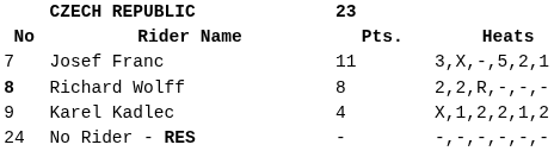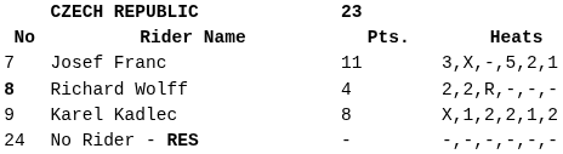 <table class="toccolours">
 <tr>
 <td></td>
 <td><strong>CZECH REPUBLIC</strong></td>
 <td><strong>23</strong></td>
 </tr>
 <tr style="background-color:">
 <th width=30px>No</th>
 <th width=210px>Rider Name</th>
 <th width=70px>Pts.</th>
 <th width=110px>Heats</th>
 </tr>
 <tr style="background-color:">
 <td>7</td>
 <td>Josef Franc</td>
 <td>11</td>
 <td>3,X,-,5,2,1</td>
 </tr>
 <tr style="background-color:">
 <td><strong>8</strong></td>
 <td>Richard Wolff</td>
-<td>8</td>
+<td>4</td>
 <td>2,2,R,-,-,-</td>
 </tr>
 <tr style="background-color:">
 <td>9</td>
 <td>Karel Kadlec</td>
-<td>4</td>
+<td>8</td>
 <td>X,1,2,2,1,2</td>
 </tr>
 <tr style="background-color:">
 <td>24</td>
 <td>No Rider - <strong>RES</strong></td>
 <td>-</td>
 <td>-,-,-,-,-,-</td>
 </tr>
 </table>
